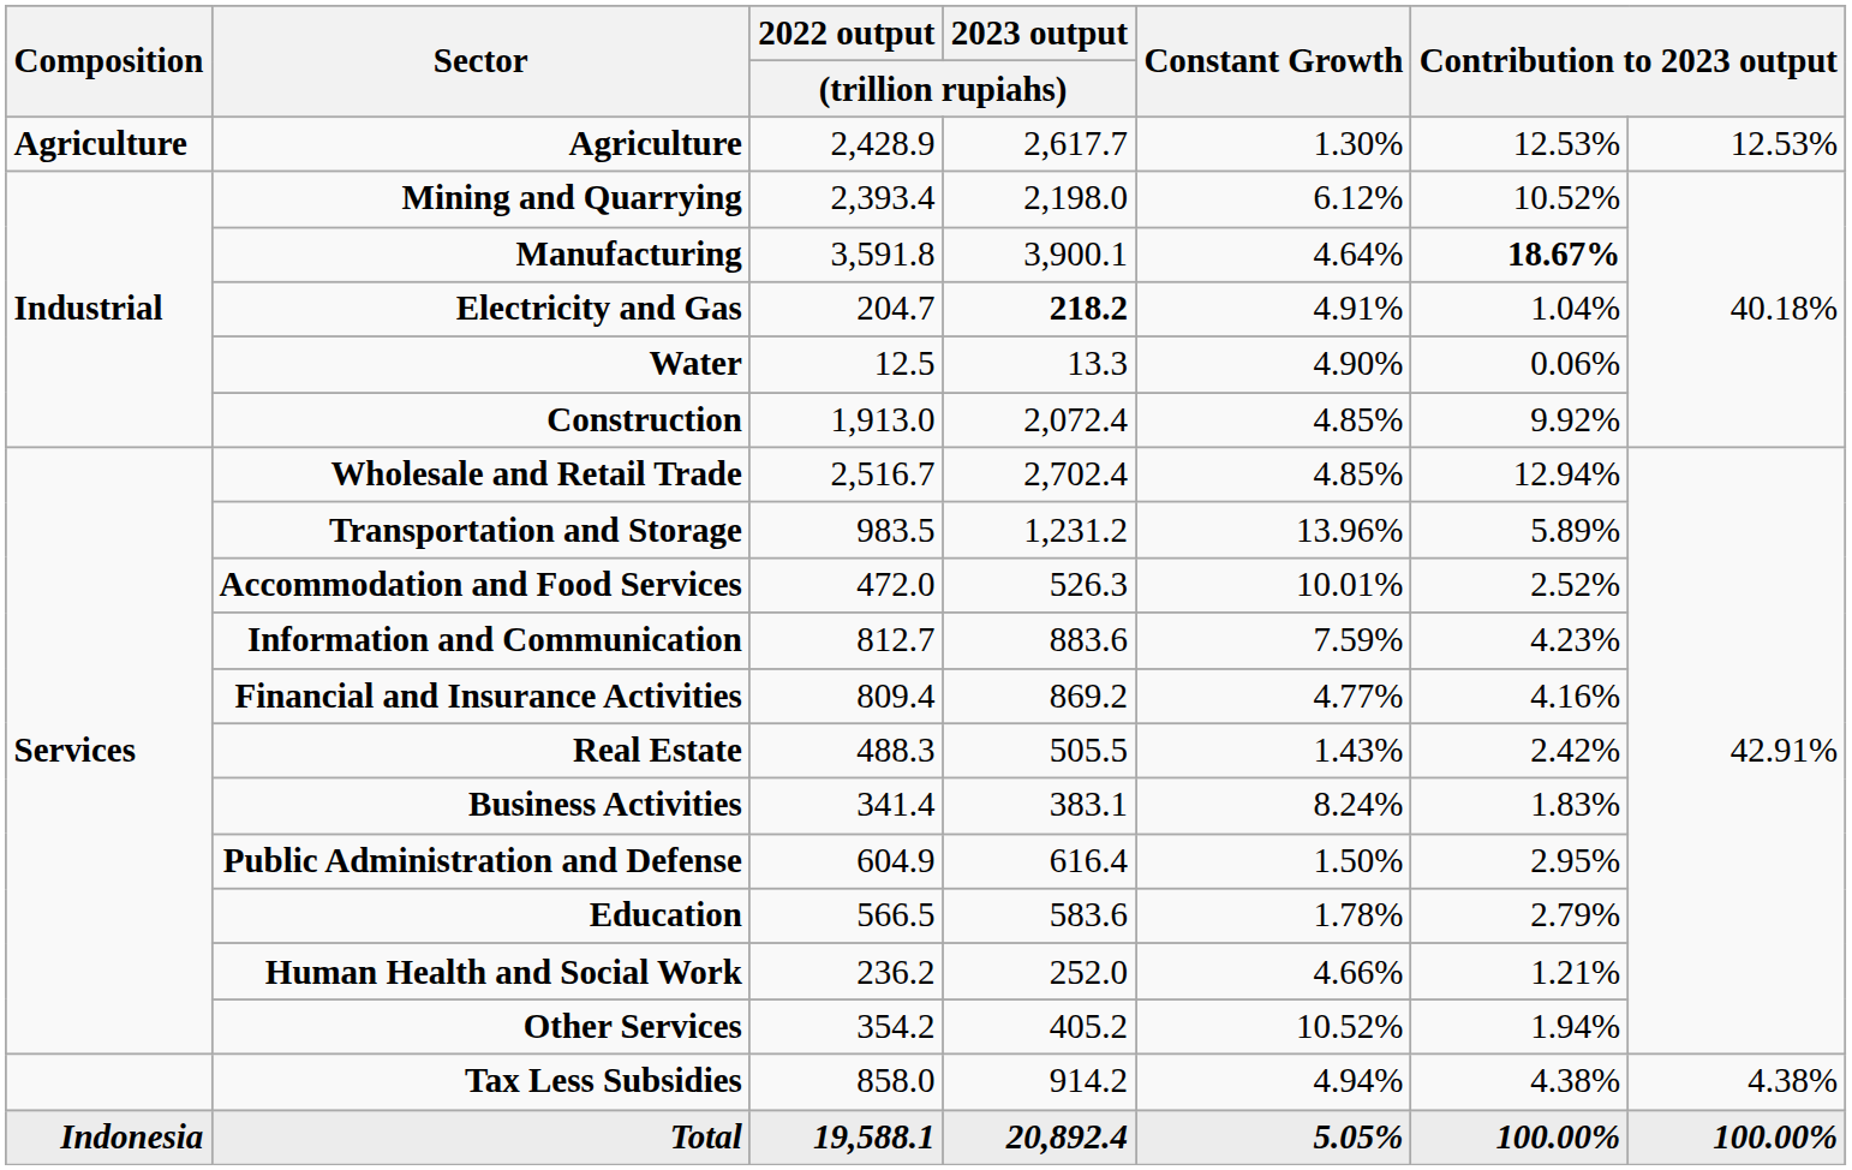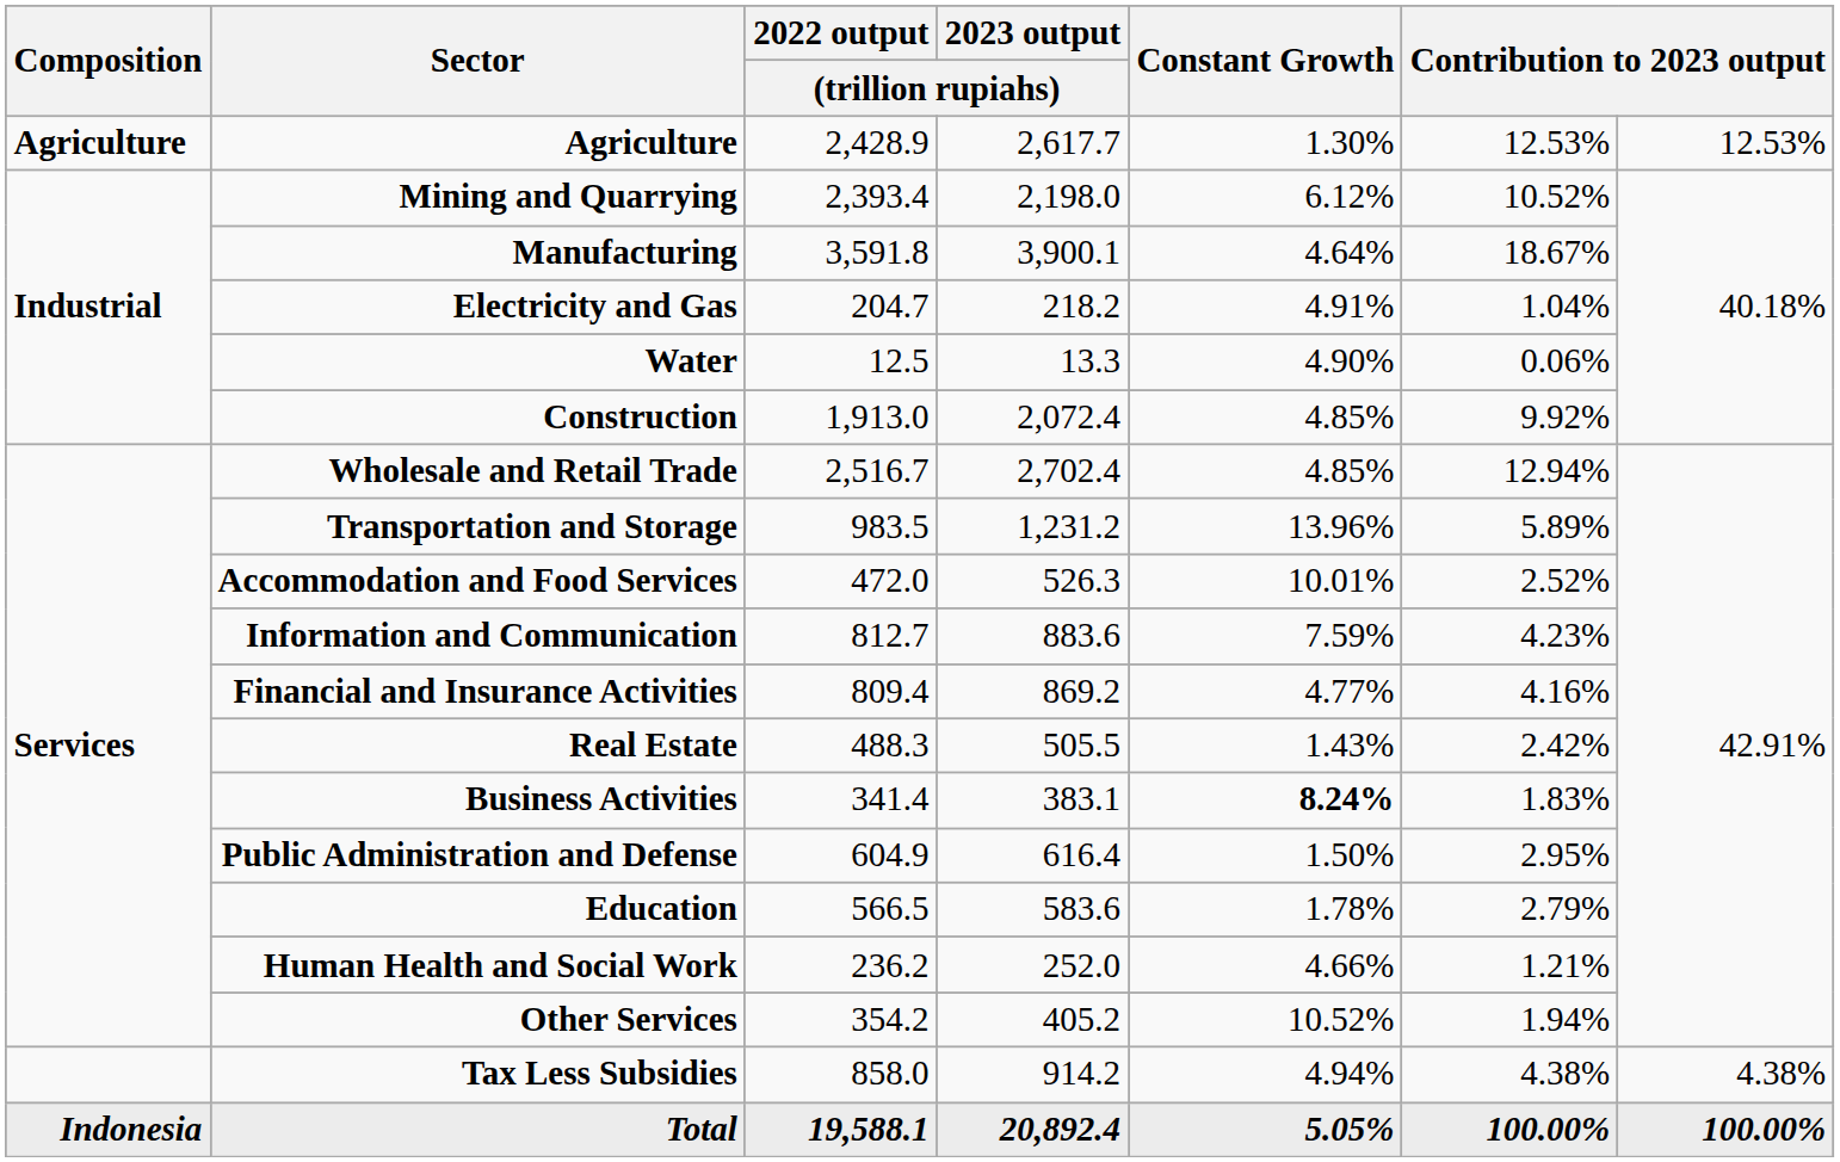 <table class="wikitable sortable " style="text-align:right;">
 <tr>
 <th rowspan=2>Composition</th>
 <th rowspan=2>Sector</th>
 <th>2022 output</th>
 <th>2023 output</th>
 <th rowspan=2>Constant Growth<br></th>
 <th scope="col" colspan="2" rowspan=2>Contribution to 2023 output</th>
 </tr>
 <tr>
 <th colspan=2>(trillion rupiahs)</th>
 </tr>
 <tr>
 <td style="text-align:left;"><strong>Agriculture</strong></td>
 <td><strong>Agriculture</strong></td>
 <td>2,428.9</td>
 <td>2,617.7</td>
 <td>1.30%</td>
 <td>12.53%</td>
 <td>12.53%</td>
 </tr>
 <tr>
 <td rowspan="5" style="text-align:left;"><strong>Industrial</strong></td>
 <td><strong>Mining and Quarrying</strong></td>
 <td>2,393.4</td>
 <td>2,198.0</td>
 <td>6.12%</td>
 <td>10.52%</td>
 <td rowspan="5">40.18%</td>
 </tr>
 <tr>
 <td><strong>Manufacturing</strong></td>
 <td>3,591.8</td>
 <td>3,900.1</td>
 <td>4.64%</td>
-<td><strong>18.67%</strong></td>
+<td>18.67%</td>
 </tr>
 <tr>
 <td><strong>Electricity and Gas</strong></td>
 <td>204.7</td>
-<td><strong>218.2</strong></td>
+<td>218.2</td>
 <td>4.91%</td>
 <td>1.04%</td>
 </tr>
 <tr>
 <td><strong>Water</strong></td>
 <td>12.5</td>
 <td>13.3</td>
 <td>4.90%</td>
 <td>0.06%</td>
 </tr>
 <tr>
 <td><strong>Construction</strong></td>
 <td>1,913.0</td>
 <td>2,072.4</td>
 <td>4.85%</td>
 <td>9.92%</td>
 </tr>
 <tr>
 <td rowspan="11" style="text-align:left;"><strong>Services</strong></td>
 <td><strong>Wholesale and Retail Trade</strong></td>
 <td>2,516.7</td>
 <td>2,702.4</td>
 <td>4.85%</td>
 <td>12.94%</td>
 <td rowspan="11">42.91%</td>
 </tr>
 <tr>
 <td><strong>Transportation and Storage</strong></td>
 <td>983.5</td>
 <td>1,231.2</td>
 <td>13.96%</td>
 <td>5.89%</td>
 </tr>
 <tr>
 <td><strong>Accommodation and Food Services</strong></td>
 <td>472.0</td>
 <td>526.3</td>
 <td>10.01%</td>
 <td>2.52%</td>
 </tr>
 <tr>
 <td><strong>Information and Communication</strong></td>
 <td>812.7</td>
 <td>883.6</td>
 <td>7.59%</td>
 <td>4.23%</td>
 </tr>
 <tr>
 <td><strong>Financial and Insurance Activities</strong></td>
 <td>809.4</td>
 <td>869.2</td>
 <td>4.77%</td>
 <td>4.16%</td>
 </tr>
 <tr>
 <td><strong>Real Estate</strong></td>
 <td>488.3</td>
 <td>505.5</td>
 <td>1.43%</td>
 <td>2.42%</td>
 </tr>
 <tr>
 <td><strong>Business Activities</strong></td>
 <td>341.4</td>
 <td>383.1</td>
-<td>8.24%</td>
+<td><strong>8.24%</strong></td>
 <td>1.83%</td>
 </tr>
 <tr>
 <td><strong>Public Administration and Defense</strong></td>
 <td>604.9</td>
 <td>616.4</td>
 <td>1.50%</td>
 <td>2.95%</td>
 </tr>
 <tr>
 <td><strong>Education</strong></td>
 <td>566.5</td>
 <td>583.6</td>
 <td>1.78%</td>
 <td>2.79%</td>
 </tr>
 <tr>
 <td><strong>Human Health and Social Work</strong></td>
 <td>236.2</td>
 <td>252.0</td>
 <td>4.66%</td>
 <td>1.21%</td>
 </tr>
 <tr>
 <td><strong>Other Services</strong></td>
 <td>354.2</td>
 <td>405.2</td>
 <td>10.52%</td>
 <td>1.94%</td>
 </tr>
 <tr>
 <td></td>
 <td><strong>Tax Less Subsidies</strong></td>
 <td>858.0</td>
 <td>914.2</td>
 <td>4.94%</td>
 <td>4.38%</td>
 <td>4.38%</td>
 </tr>
 <tr style="background:#ECECEC">
 <td><strong><em>Indonesia</em></strong></td>
 <td><strong><em>Total</em></strong></td>
 <td><strong><em> 19,588.1</em></strong></td>
 <td><strong><em>20,892.4</em></strong></td>
 <td><strong><em>5.05%</em></strong></td>
 <td><strong><em>100.00%</em></strong></td>
 <td><strong><em>100.00%</em></strong></td>
 </tr>
 </table>
